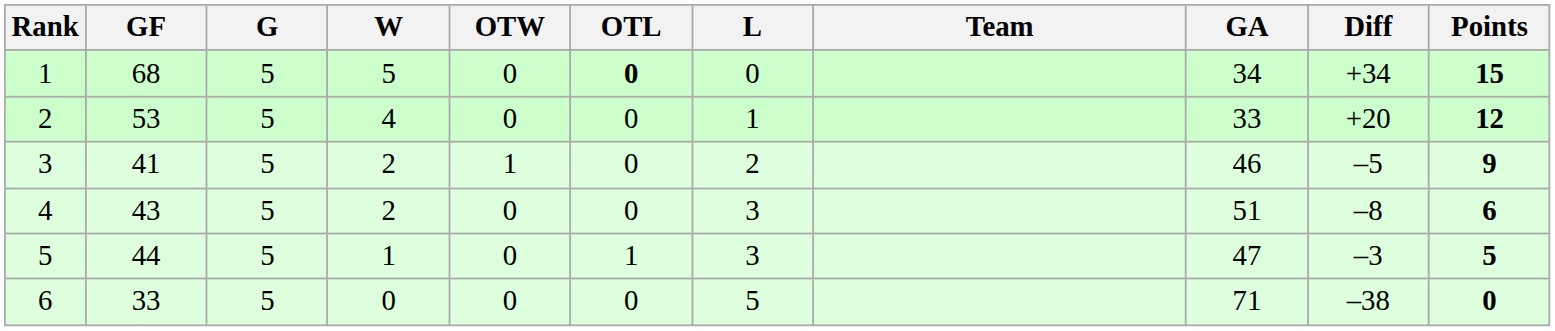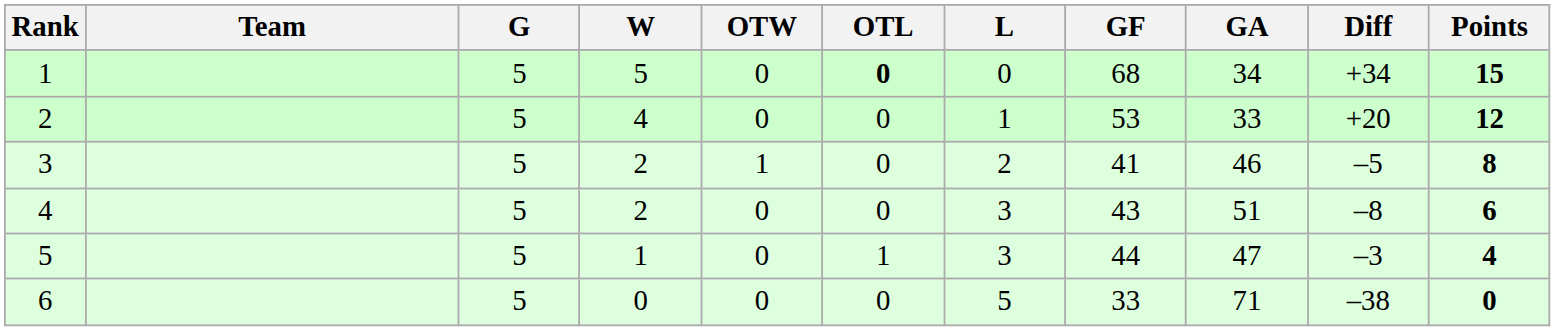 <table class=wikitable style="text-align:center">
 <tr>
 <th width="25">Rank</th>
-<th width="60">GF</th>
+<th width="200">Team</th>
 <th width="60">G</th>
 <th width="60">W</th>
 <th width="60">OTW</th>
 <th width="60">OTL</th>
 <th width="60">L</th>
-<th width="200">Team</th>
+<th width="60">GF</th>
 <th width="60">GA</th>
 <th width="60">Diff</th>
 <th width="60">Points</th>
 </tr>
 <tr bgcolor=#CCFFCC>
 <td>1</td>
-<td>68</td>
+<td align=left></td>
 <td>5</td>
 <td>5</td>
 <td>0</td>
 <td><strong>0</strong></td>
 <td>0</td>
-<td align=left></td>
+<td>68</td>
 <td>34</td>
 <td>+34</td>
 <td><strong>15</strong></td>
 </tr>
 <tr bgcolor=#CCFFCC>
 <td>2</td>
-<td>53</td>
+<td align=left></td>
 <td>5</td>
 <td>4</td>
 <td>0</td>
 <td>0</td>
 <td>1</td>
-<td align=left></td>
+<td>53</td>
 <td>33</td>
 <td>+20</td>
 <td><strong>12</strong></td>
 </tr>
 <tr bgcolor=#DDFFDD>
 <td>3</td>
-<td>41</td>
+<td align=left></td>
 <td>5</td>
 <td>2</td>
 <td>1</td>
 <td>0</td>
 <td>2</td>
-<td align=left></td>
+<td>41</td>
 <td>46</td>
 <td>–5</td>
-<td><strong>9</strong></td>
+<td><strong>8</strong></td>
 </tr>
 <tr bgcolor=#DDFFDD>
 <td>4</td>
-<td>43</td>
+<td align=left></td>
 <td>5</td>
 <td>2</td>
 <td>0</td>
 <td>0</td>
 <td>3</td>
-<td align=left></td>
+<td>43</td>
 <td>51</td>
 <td>–8</td>
 <td><strong>6</strong></td>
 </tr>
 <tr bgcolor=#DDFFDD>
 <td>5</td>
-<td>44</td>
+<td align=left></td>
 <td>5</td>
 <td>1</td>
 <td>0</td>
 <td>1</td>
 <td>3</td>
-<td align=left></td>
+<td>44</td>
 <td>47</td>
 <td>–3</td>
-<td><strong>5</strong></td>
+<td><strong>4</strong></td>
 </tr>
 <tr bgcolor=#DDFFDD>
 <td>6</td>
-<td>33</td>
+<td align=left></td>
 <td>5</td>
 <td>0</td>
 <td>0</td>
 <td>0</td>
 <td>5</td>
-<td align=left></td>
+<td>33</td>
 <td>71</td>
 <td>–38</td>
 <td><strong>0</strong></td>
 </tr>
 </table>
